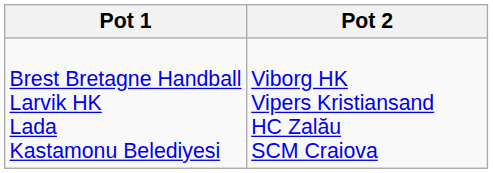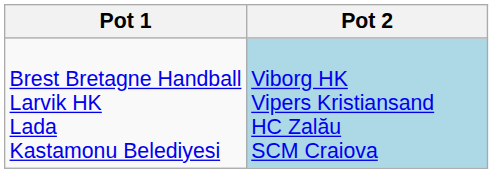 <table class="wikitable">
 <tr>
 <th width=50%>Pot 1</th>
 <th width=50%>Pot 2</th>
 </tr>
 <tr>
 <td><br> <a href='#'>Brest Bretagne Handball</a><br>  <a href='#'>Larvik HK</a><br>  <a href='#'>Lada</a><br>  <a href='#'>Kastamonu Belediyesi</a></td>
-<td><br> <a href='#'>Viborg HK</a><br>  <a href='#'>Vipers Kristiansand</a><br>  <a href='#'>HC Zalău</a><br>  <a href='#'>SCM Craiova</a></td>
+<td style="background: lightblue;"><br> <a href='#'>Viborg HK</a><br>  <a href='#'>Vipers Kristiansand</a><br>  <a href='#'>HC Zalău</a><br>  <a href='#'>SCM Craiova</a></td>
 </tr>
 </table>
